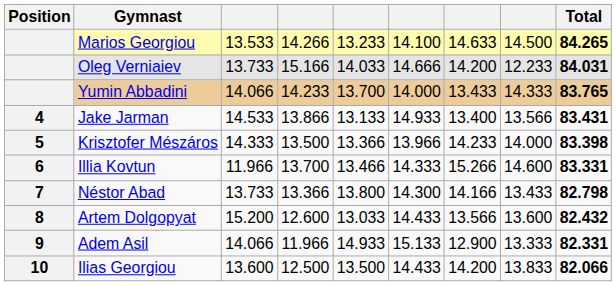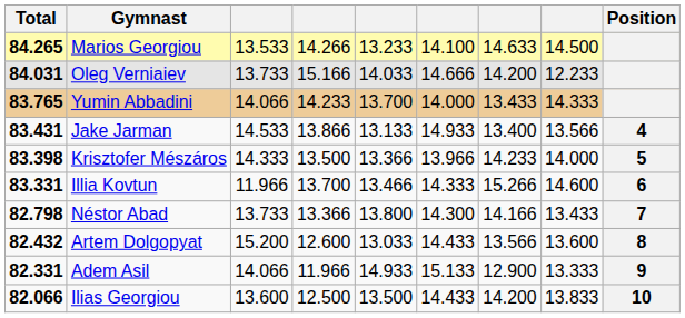 <table class="wikitable sortable" style="text-align:center; font-size:100%">
 <tr>
-<th>Position</th>
+<th>Total</th>
 <th>Gymnast</th>
 <th></th>
 <th></th>
 <th></th>
 <th></th>
 <th></th>
 <th></th>
-<th>Total</th>
+<th>Position</th>
 </tr>
 <tr style="background:#fffcaf;">
-<th scope="row" style="text-align:center"></th>
+<td><strong>84.265</strong></td>
 <td align=left> <a href='#'>Marios Georgiou</a></td>
 <td>13.533</td>
 <td>14.266</td>
 <td>13.233</td>
 <td>14.100</td>
 <td>14.633</td>
 <td>14.500</td>
-<td><strong>84.265</strong></td>
+<th scope="row" style="text-align:center"></th>
 </tr>
 <tr style="background:#e5e5e5;">
-<th scope="row" style="text-align:center"></th>
+<td><strong>84.031</strong></td>
 <td align=left> <a href='#'>Oleg Verniaiev</a></td>
 <td>13.733</td>
 <td>15.166</td>
 <td>14.033</td>
 <td>14.666</td>
 <td>14.200</td>
 <td>12.233</td>
-<td><strong>84.031</strong></td>
+<th scope="row" style="text-align:center"></th>
 </tr>
 <tr style="background:#ec9;">
-<th scope="row" style="text-align:center"></th>
+<td><strong>83.765</strong></td>
 <td align=left> <a href='#'>Yumin Abbadini</a></td>
 <td>14.066</td>
 <td>14.233</td>
 <td>13.700</td>
 <td>14.000</td>
 <td>13.433</td>
 <td>14.333</td>
-<td><strong>83.765</strong></td>
+<th scope="row" style="text-align:center"></th>
 </tr>
 <tr>
-<th>4</th>
+<td><strong>83.431</strong></td>
 <td align=left> <a href='#'>Jake Jarman</a></td>
 <td>14.533</td>
 <td>13.866</td>
 <td>13.133</td>
 <td>14.933</td>
 <td>13.400</td>
 <td>13.566</td>
-<td><strong>83.431</strong></td>
+<th>4</th>
 </tr>
 <tr>
-<th>5</th>
+<td><strong>83.398</strong></td>
 <td align=left> <a href='#'>Krisztofer Mészáros</a></td>
 <td>14.333</td>
 <td>13.500</td>
 <td>13.366</td>
 <td>13.966</td>
 <td>14.233</td>
 <td>14.000</td>
-<td><strong>83.398</strong></td>
+<th>5</th>
 </tr>
 <tr>
-<th>6</th>
+<td><strong>83.331</strong></td>
 <td align=left> <a href='#'>Illia Kovtun</a></td>
 <td>11.966</td>
 <td>13.700</td>
 <td>13.466</td>
 <td>14.333</td>
 <td>15.266</td>
 <td>14.600</td>
-<td><strong>83.331</strong></td>
+<th>6</th>
 </tr>
 <tr>
-<th>7</th>
+<td><strong>82.798</strong></td>
 <td align=left> <a href='#'>Néstor Abad</a></td>
 <td>13.733</td>
 <td>13.366</td>
 <td>13.800</td>
 <td>14.300</td>
 <td>14.166</td>
 <td>13.433</td>
-<td><strong>82.798</strong></td>
+<th>7</th>
 </tr>
 <tr>
-<th>8</th>
+<td><strong>82.432</strong></td>
 <td align=left> <a href='#'>Artem Dolgopyat</a></td>
 <td>15.200</td>
 <td>12.600</td>
 <td>13.033</td>
 <td>14.433</td>
 <td>13.566</td>
 <td>13.600</td>
-<td><strong>82.432</strong></td>
+<th>8</th>
 </tr>
 <tr>
-<th>9</th>
+<td><strong>82.331</strong></td>
 <td align=left> <a href='#'>Adem Asil</a></td>
 <td>14.066</td>
 <td>11.966</td>
 <td>14.933</td>
 <td>15.133</td>
 <td>12.900</td>
 <td>13.333</td>
-<td><strong>82.331</strong></td>
+<th>9</th>
 </tr>
 <tr>
-<th>10</th>
+<td><strong>82.066</strong></td>
 <td align=left> <a href='#'>Ilias Georgiou</a></td>
 <td>13.600</td>
 <td>12.500</td>
 <td>13.500</td>
 <td>14.433</td>
 <td>14.200</td>
 <td>13.833</td>
-<td><strong>82.066</strong></td>
+<th>10</th>
 </tr>
 </table>
